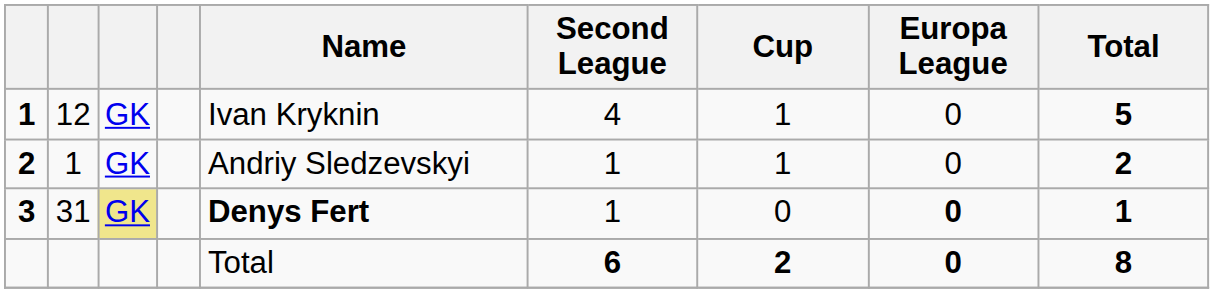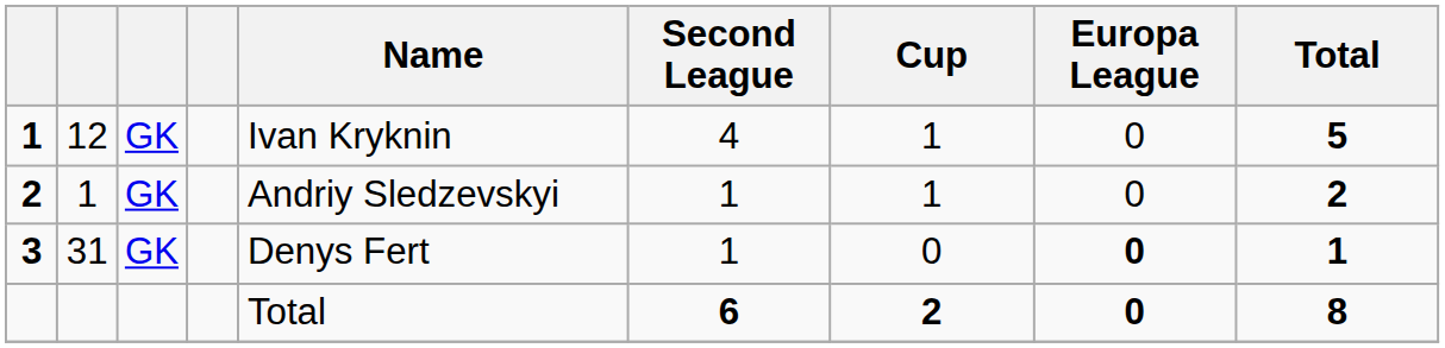 <table class="wikitable" style="text-align:center">
 <tr>
 <th width=15></th>
 <th width=15></th>
 <th width=15></th>
 <th width=15></th>
 <th width=160>Name</th>
 <th width=80><strong>Second League</strong></th>
 <th width=80><strong>Cup</strong></th>
 <th width=80><strong>Europa League</strong></th>
 <th width=80>Total</th>
 </tr>
 <tr>
 <td><strong>1</strong></td>
 <td>12</td>
 <td><a href='#'>GK</a></td>
 <td></td>
 <td align=left>Ivan Kryknin</td>
 <td>4</td>
 <td>1</td>
 <td>0</td>
 <td><strong>5</strong></td>
 </tr>
 <tr>
 <td><strong>2</strong></td>
 <td>1</td>
 <td><a href='#'>GK</a></td>
 <td></td>
 <td align=left>Andriy Sledzevskyi</td>
 <td>1</td>
 <td>1</td>
 <td>0</td>
 <td><strong>2</strong></td>
 </tr>
 <tr>
 <td><strong>3</strong></td>
 <td>31</td>
-<td style="background: khaki;"><a href='#'>GK</a></td>
+<td><a href='#'>GK</a></td>
 <td></td>
-<td align=left><strong>Denys Fert</strong></td>
+<td align=left>Denys Fert</td>
 <td>1</td>
 <td>0</td>
 <td><strong>0</strong></td>
 <td><strong>1</strong></td>
 </tr>
 <tr>
 <td></td>
 <td></td>
 <td></td>
 <td></td>
 <td align=left>Total</td>
 <td><strong>6</strong></td>
 <td><strong>2</strong></td>
 <td><strong>0</strong></td>
 <td><strong>8</strong></td>
 </tr>
 <tr>
 </tr>
 </table>
